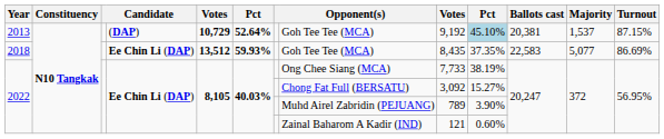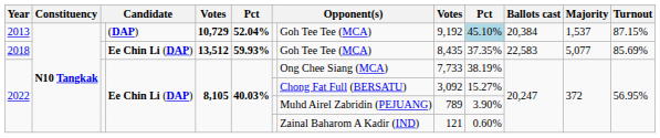 <table class="wikitable" style="margin:0.5em ; font-size:95%">
 <tr>
 <th>Year</th>
 <th>Constituency</th>
 <th colspan="2">Candidate</th>
 <th>Votes</th>
 <th>Pct</th>
 <th colspan="2">Opponent(s)</th>
 <th>Votes</th>
 <th>Pct</th>
 <th>Ballots cast</th>
 <th>Majority</th>
 <th>Turnout</th>
 </tr>
 <tr>
 <td><a href='#'>2013</a></td>
 <td rowspan="6"><strong>N10 <a href='#'>Tangkak</a></strong></td>
 <td></td>
 <td> (<a href='#'><strong>DAP</strong></a>)</td>
 <td align=right><strong>10,729</strong></td>
-<td><strong>52.64%</strong></td>
+<td><strong>52.04%</strong></td>
 <td></td>
 <td>Goh Tee Tee (<a href='#'>MCA</a>)</td>
 <td align=right>9,192</td>
 <td style="background: lightblue;">45.10%</td>
-<td>20,381</td>
+<td>20,384</td>
 <td>1,537</td>
 <td>87.15%</td>
 </tr>
 <tr>
 <td><a href='#'>2018</a></td>
 <td></td>
 <td><strong>Ee Chin Li</strong> (<a href='#'><strong>DAP</strong></a>)</td>
 <td align=right><strong>13,512</strong></td>
 <td><strong>59.93%</strong></td>
 <td></td>
 <td>Goh Tee Tee (<a href='#'>MCA</a>)</td>
 <td align=right>8,435</td>
 <td>37.35%</td>
 <td>22,583</td>
 <td>5,077</td>
-<td>86.69%</td>
+<td>85.69%</td>
 </tr>
 <tr>
 <td rowspan="4"><a href='#'>2022</a></td>
 <td rowspan="4" ></td>
 <td rowspan="4"><strong>Ee Chin Li</strong> (<a href='#'><strong>DAP</strong></a>)</td>
 <td rowspan="4"  align=right><strong>8,105</strong></td>
 <td rowspan="4"><strong>40.03%</strong></td>
 <td></td>
 <td>Ong Chee Siang (<a href='#'>MCA</a>)</td>
 <td align=right>7,733</td>
 <td>38.19%</td>
 <td rowspan="4">20,247</td>
 <td rowspan="4">372</td>
 <td rowspan="4">56.95%</td>
 </tr>
 <tr>
 <td></td>
 <td><a href='#'>Chong Fat Full</a> (<a href='#'>BERSATU</a>)</td>
 <td align=right>3,092</td>
 <td>15.27%</td>
 </tr>
 <tr>
 <td></td>
 <td>Muhd Airel Zabridin (<a href='#'>PEJUANG</a>)</td>
 <td align=right>789</td>
 <td align=right>3.90%</td>
 </tr>
 <tr>
 <td></td>
 <td>Zainal Baharom A Kadir (<a href='#'>IND</a>)</td>
 <td align=right>121</td>
 <td align=right>0.60%</td>
 </tr>
 </table>
